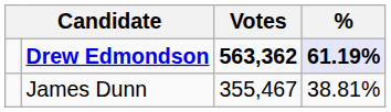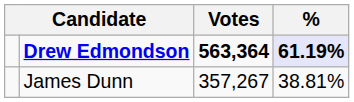 <table class="wikitable">
 <tr>
 <th colspan="2" rowspan="1" align="center" valign="top"><strong>Candidate</strong></th>
 <th valign="top"><strong>Votes</strong></th>
 <th valign="top"><strong>%</strong></th>
 </tr>
 <tr>
 <td style="background-color:"> </td>
 <td><strong><a href='#'>Drew Edmondson</a></strong></td>
-<td><strong>563,362</strong></td>
+<td><strong>563,364</strong></td>
 <td style="background: lavender;"><strong>61.19%</strong></td>
 </tr>
 <tr>
 <td style="background-color:"> </td>
 <td>James Dunn</td>
-<td>355,467</td>
+<td>357,267</td>
 <td>38.81%</td>
 </tr>
 </table>
